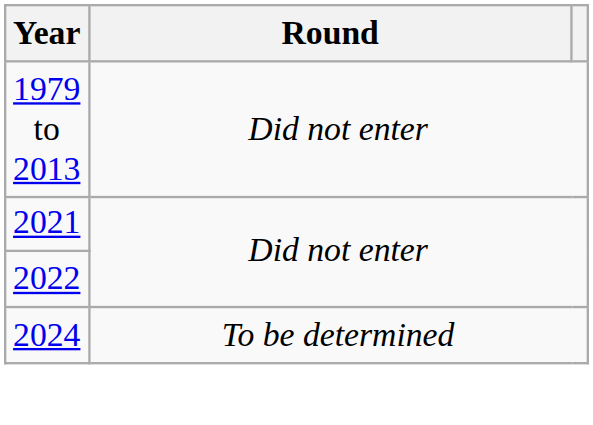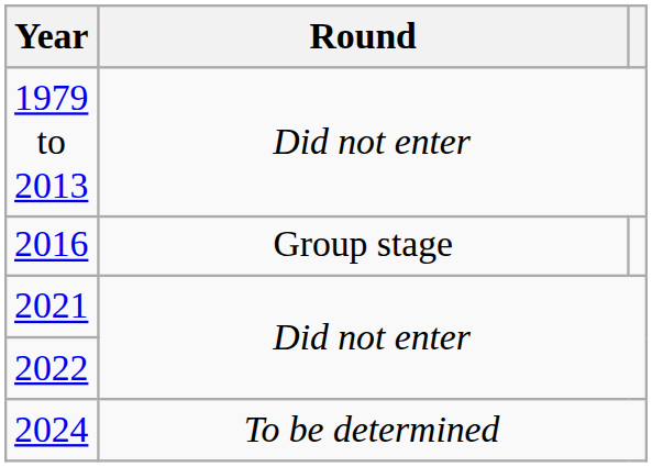 <table class="wikitable" style="text-align: center; font-size:90%">
 <tr>
 <th>Year</th>
 <th style="width:200px">Round</th>
 <th></th>
 </tr>
 <tr>
 <td><a href='#'>1979</a><br>to<br><a href='#'>2013</a></td>
 <td colspan="2"><em>Did not enter</em></td>
+</tr>
+<tr>
+<td><a href='#'>2016</a></td>
+<td>Group stage</td>
+<td></td>
 </tr>
 <tr>
 <td><a href='#'>2021</a></td>
 <td colspan="2" rowspan="2"><em>Did not enter</em></td>
 </tr>
 <tr>
 <td><a href='#'>2022</a></td>
 </tr>
 <tr>
 <td><a href='#'>2024</a></td>
 <td colspan="2"><em>To be determined</em></td>
 </tr>
 </table>
